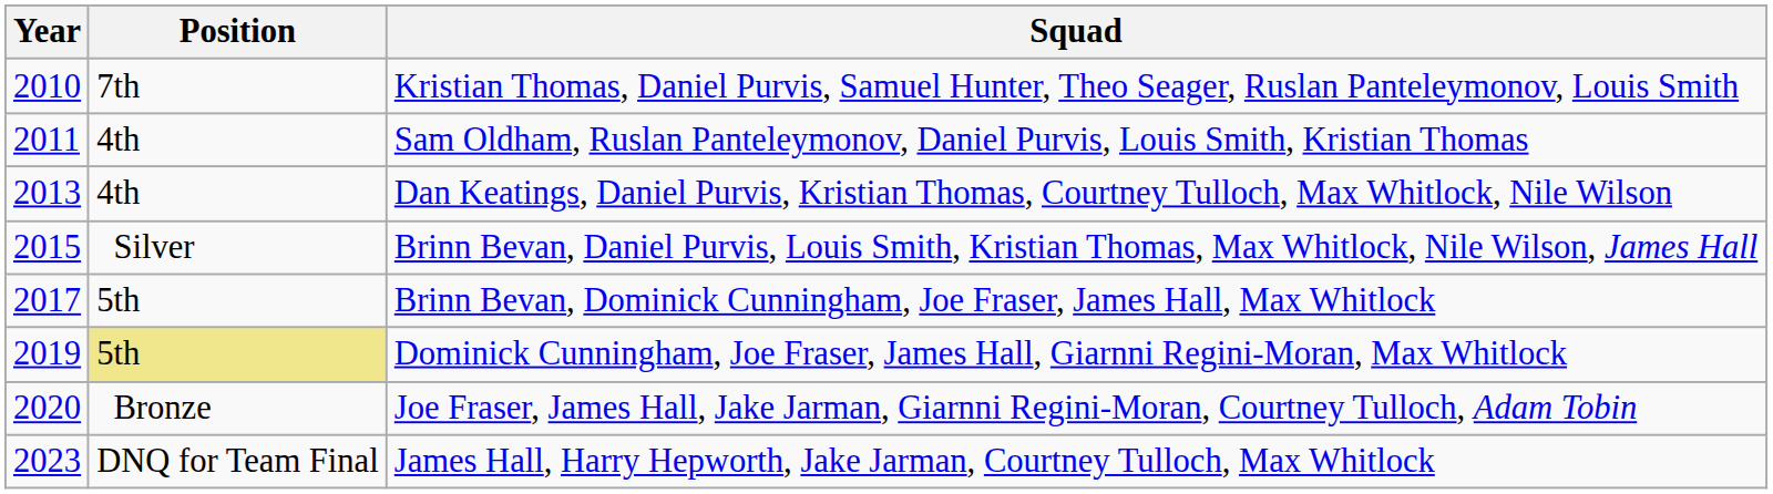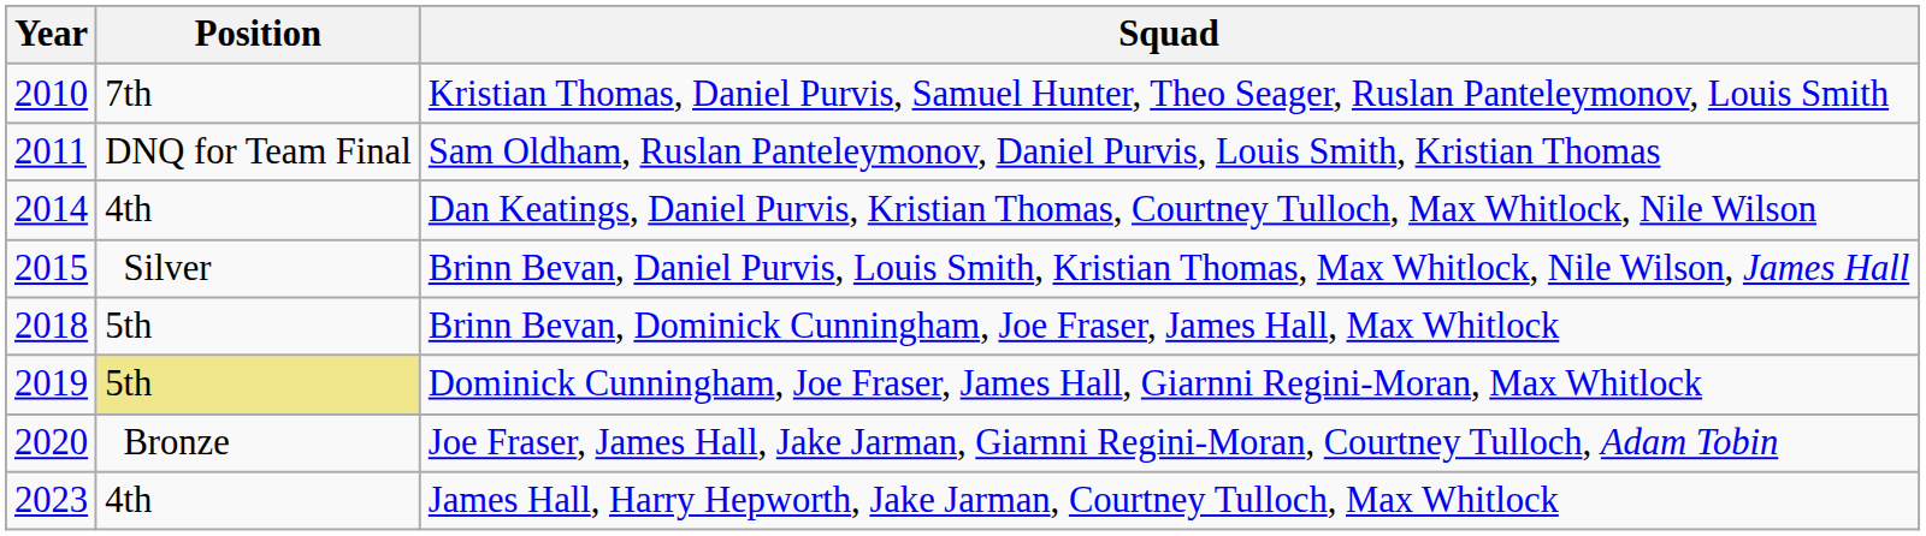 <table class="wikitable mw-collapsible">
 <tr>
 <th>Year</th>
 <th>Position</th>
 <th>Squad</th>
 </tr>
 <tr>
 <td><a href='#'>2010</a></td>
 <td>7th</td>
 <td><a href='#'>Kristian Thomas</a>, <a href='#'>Daniel Purvis</a>, <a href='#'>Samuel Hunter</a>, <a href='#'>Theo Seager</a>, <a href='#'>Ruslan Panteleymonov</a>, <a href='#'>Louis Smith</a></td>
 </tr>
 <tr>
 <td><a href='#'>2011</a></td>
-<td>4th</td>
+<td>DNQ for Team Final</td>
 <td><a href='#'>Sam Oldham</a>, <a href='#'>Ruslan Panteleymonov</a>, <a href='#'>Daniel Purvis</a>, <a href='#'>Louis Smith</a>, <a href='#'>Kristian Thomas</a></td>
 </tr>
 <tr>
-<td><a href='#'>2013</a></td>
+<td><a href='#'>2014</a></td>
 <td>4th</td>
 <td><a href='#'>Dan Keatings</a>, <a href='#'>Daniel Purvis</a>, <a href='#'>Kristian Thomas</a>, <a href='#'>Courtney Tulloch</a>, <a href='#'>Max Whitlock</a>, <a href='#'>Nile Wilson</a></td>
 </tr>
 <tr>
 <td><a href='#'>2015</a></td>
 <td>  Silver</td>
 <td><a href='#'>Brinn Bevan</a>, <a href='#'>Daniel Purvis</a>, <a href='#'>Louis Smith</a>, <a href='#'>Kristian Thomas</a>, <a href='#'>Max Whitlock</a>, <a href='#'>Nile Wilson</a>, <em><a href='#'>James Hall</a></em></td>
 </tr>
 <tr>
-<td><a href='#'>2017</a></td>
+<td><a href='#'>2018</a></td>
 <td>5th</td>
 <td><a href='#'>Brinn Bevan</a>, <a href='#'>Dominick Cunningham</a>, <a href='#'>Joe Fraser</a>, <a href='#'>James Hall</a>, <a href='#'>Max Whitlock</a></td>
 </tr>
 <tr>
 <td><a href='#'>2019</a></td>
 <td style="background: khaki;">5th</td>
 <td><a href='#'>Dominick Cunningham</a>, <a href='#'>Joe Fraser</a>, <a href='#'>James Hall</a>, <a href='#'>Giarnni Regini-Moran</a>, <a href='#'>Max Whitlock</a></td>
 </tr>
 <tr>
 <td><a href='#'>2020</a></td>
 <td>  Bronze</td>
 <td><a href='#'>Joe Fraser</a>, <a href='#'>James Hall</a>, <a href='#'>Jake Jarman</a>, <a href='#'>Giarnni Regini-Moran</a>, <a href='#'>Courtney Tulloch</a>, <em><a href='#'>Adam Tobin</a></em></td>
 </tr>
 <tr>
 <td><a href='#'>2023</a></td>
-<td>DNQ for Team Final</td>
+<td>4th</td>
 <td><a href='#'>James Hall</a>, <a href='#'>Harry Hepworth</a>, <a href='#'>Jake Jarman</a>, <a href='#'>Courtney Tulloch</a>, <a href='#'>Max Whitlock</a></td>
 </tr>
 </table>
